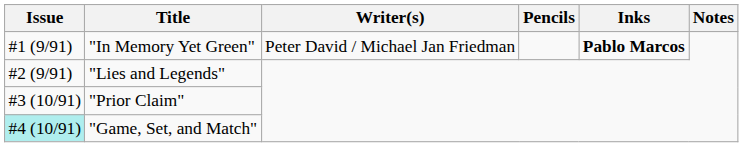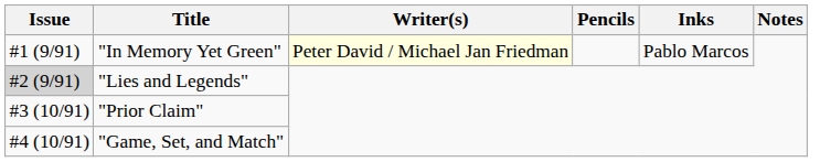 <table class="wikitable">
 <tr>
 <th>Issue</th>
 <th>Title</th>
 <th>Writer(s)</th>
 <th>Pencils</th>
 <th>Inks</th>
 <th>Notes</th>
 </tr>
 <tr>
 <td>#1 (9/91)</td>
 <td>"In Memory Yet Green"</td>
-<td>Peter David / Michael Jan Friedman</td>
+<td style="background: lightyellow;">Peter David / Michael Jan Friedman</td>
 <td></td>
-<td><strong>Pablo Marcos</strong></td>
+<td>Pablo Marcos</td>
 </tr>
 <tr>
-<td>#2 (9/91)</td>
+<td style="background: lightgrey;">#2 (9/91)</td>
 <td>"Lies and Legends"</td>
 </tr>
 <tr>
 <td>#3 (10/91)</td>
 <td>"Prior Claim"</td>
 </tr>
 <tr>
-<td style="background: paleturquoise;">#4 (10/91)</td>
+<td>#4 (10/91)</td>
 <td>"Game, Set, and Match"</td>
 </tr>
 </table>
